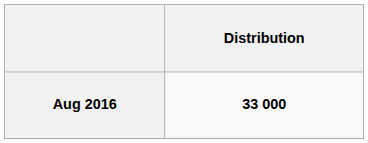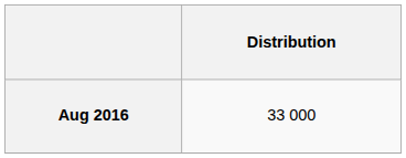 <table class="wikitable sortable" style="text-align:center; width:400px; height:150px;">
 <tr>
 <th></th>
 <th>Distribution</th>
 </tr>
 <tr>
 <th scope="row">Aug 2016</th>
-<td><strong>33 000</strong></td>
+<td>33 000</td>
 </tr>
 <tr>
 </tr>
 </table>
